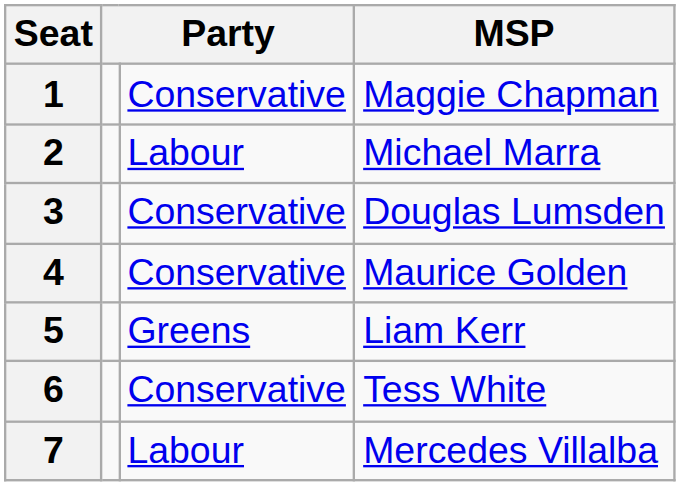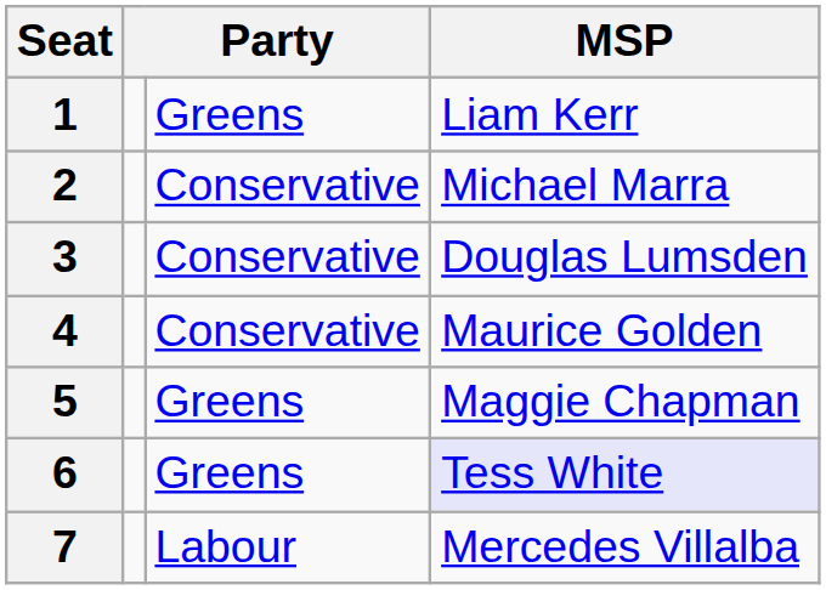 <table class="wikitable sortable">
 <tr>
 <th>Seat</th>
 <th colspan=2>Party</th>
 <th>MSP</th>
 </tr>
 <tr>
 <th>1</th>
 <td style="color:inherit;background:"></td>
-<td><a href='#'>Conservative</a></td>
-<td><a href='#'>Maggie Chapman</a></td>
+<td><a href='#'>Greens</a></td>
+<td><a href='#'>Liam Kerr</a></td>
 </tr>
 <tr>
 <th>2</th>
 <td style="color:inherit;background:"></td>
-<td><a href='#'>Labour</a></td>
+<td><a href='#'>Conservative</a></td>
 <td><a href='#'>Michael Marra</a></td>
 </tr>
 <tr>
 <th>3</th>
 <td style="color:inherit;background:"></td>
 <td><a href='#'>Conservative</a></td>
 <td><a href='#'>Douglas Lumsden</a></td>
 </tr>
 <tr>
 <th>4</th>
 <td style="color:inherit;background:"></td>
 <td><a href='#'>Conservative</a></td>
 <td><a href='#'>Maurice Golden</a></td>
 </tr>
 <tr>
 <th>5</th>
 <td style="color:inherit;background:"></td>
 <td><a href='#'>Greens</a></td>
-<td><a href='#'>Liam Kerr</a></td>
+<td><a href='#'>Maggie Chapman</a></td>
 </tr>
 <tr>
 <th>6</th>
 <td style="color:inherit;background:"></td>
-<td><a href='#'>Conservative</a></td>
-<td><a href='#'>Tess White</a></td>
+<td><a href='#'>Greens</a></td>
+<td style="background: lavender;"><a href='#'>Tess White</a></td>
 </tr>
 <tr>
 <th>7</th>
 <td style="color:inherit;background:"></td>
 <td><a href='#'>Labour</a></td>
 <td><a href='#'>Mercedes Villalba</a></td>
 </tr>
 </table>
